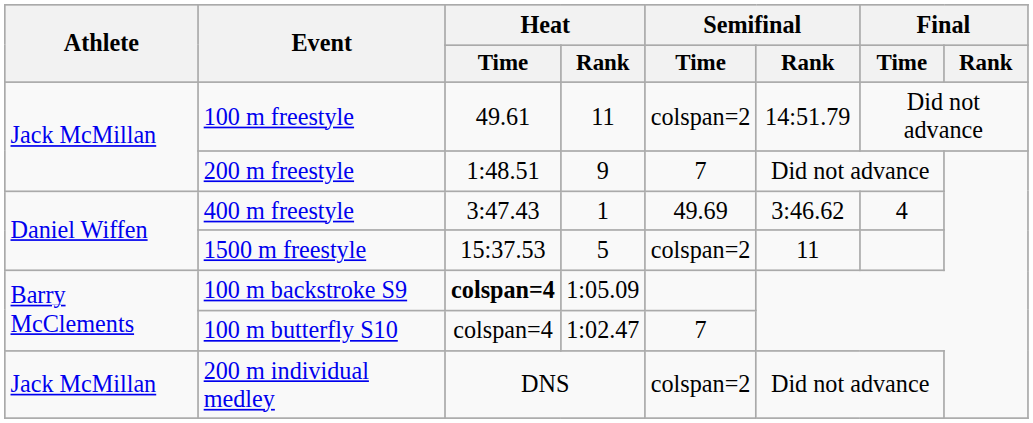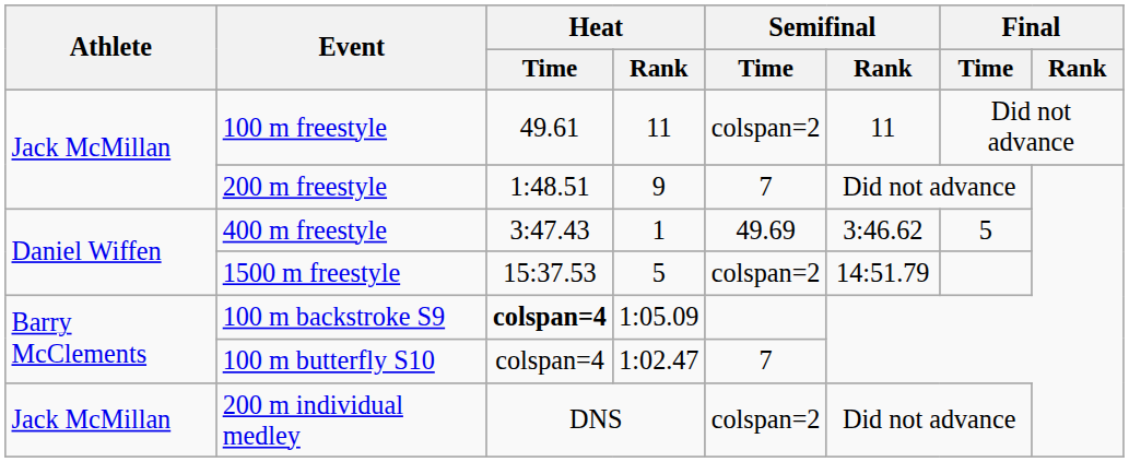 <table class=wikitable style=font-size:90%>
 <tr>
 <th rowspan=2>Athlete</th>
 <th rowspan=2>Event</th>
 <th colspan=2>Heat</th>
 <th colspan=2>Semifinal</th>
 <th colspan=2>Final</th>
 </tr>
 <tr style=font-size:95%>
 <th>Time</th>
 <th>Rank</th>
 <th>Time</th>
 <th>Rank</th>
 <th>Time</th>
 <th>Rank</th>
 </tr>
 <tr align=center>
 <td align=left rowspan=2><a href='#'>Jack McMillan</a></td>
 <td align=left rowspan="1"><a href='#'>100 m freestyle</a></td>
 <td>49.61</td>
 <td>11</td>
 <td>colspan=2 </td>
-<td>14:51.79</td>
+<td>11</td>
 <td colspan=2>Did not advance</td>
 </tr>
 <tr align=center>
 <td align=left rowspan="1"><a href='#'>200 m freestyle</a></td>
 <td>1:48.51</td>
 <td>9</td>
 <td>7</td>
 <td colspan=2>Did not advance</td>
 </tr>
 <tr align=center>
 <td align=left rowspan=2><a href='#'>Daniel Wiffen</a></td>
 <td align=left rowspan="1"><a href='#'>400 m freestyle</a></td>
 <td>3:47.43</td>
 <td>1</td>
 <td>49.69</td>
 <td>3:46.62</td>
-<td>4</td>
+<td>5</td>
 </tr>
 <tr align=center>
 <td align=left rowspan="1"><a href='#'>1500 m freestyle</a></td>
 <td>15:37.53</td>
 <td>5</td>
 <td>colspan=2 </td>
-<td>11</td>
+<td>14:51.79</td>
 <td></td>
 </tr>
 <tr align=center>
 <td align=left rowspan=2><a href='#'>Barry McClements</a></td>
 <td align=left rowspan="1"><a href='#'>100 m backstroke S9</a></td>
 <td><strong>colspan=4 </strong></td>
 <td>1:05.09</td>
 <td></td>
 </tr>
 <tr align=center>
 <td align=left rowspan="1"><a href='#'>100 m butterfly S10</a></td>
 <td>colspan=4 </td>
 <td>1:02.47</td>
 <td>7</td>
 </tr>
 <tr align=center>
 <td align=left><a href='#'>Jack McMillan</a></td>
 <td align=left rowspan="1"><a href='#'>200 m individual medley</a></td>
 <td colspan="2">DNS</td>
 <td>colspan=2 </td>
 <td colspan=2>Did not advance</td>
 </tr>
 </table>
